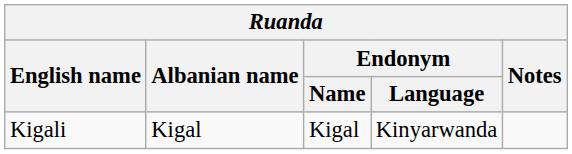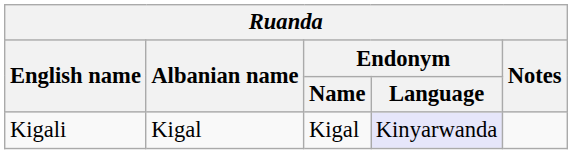 <table class="wikitable sortable">
 <tr>
 <th colspan="5"> <em>Ruanda</em></th>
 </tr>
 <tr>
 <th rowspan="2">English name</th>
 <th rowspan="2">Albanian name</th>
 <th colspan="2">Endonym</th>
 <th rowspan="2">Notes</th>
 </tr>
 <tr>
 <th>Name</th>
 <th>Language</th>
 </tr>
 <tr>
 <td>Kigali</td>
 <td>Kigal</td>
 <td>Kigal</td>
-<td>Kinyarwanda</td>
+<td style="background: lavender;">Kinyarwanda</td>
 <td></td>
 </tr>
 </table>
